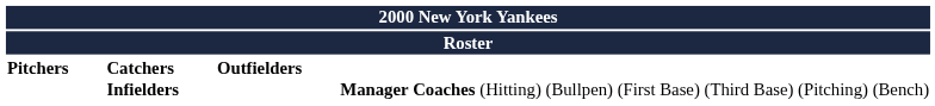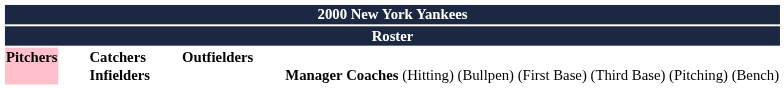 <table class="toccolours" style="font-size: 95%;">
 <tr>
 <th colspan="10" style="background-color: #1c2841; color: white; text-align: center;">2000 New York Yankees</th>
 </tr>
 <tr>
 <td colspan="10" style="background-color:#1c2841; color: white; text-align: center;"><strong>Roster</strong></td>
 </tr>
 <tr>
-<td valign="top"><strong>Pitchers</strong><br>                     </td>
+<td valign="top" style="background: pink;"><strong>Pitchers</strong><br>                     </td>
 <td width="25px"></td>
 <td valign="top"><strong>Catchers</strong><br>   <strong>Infielders</strong>        </td>
 <td width="25px"></td>
 <td valign="top"><strong>Outfielders</strong><br>            </td>
 <td width="25px"></td>
 <td valign="top"><br><strong>Manager</strong>  <strong>Coaches</strong>  (Hitting)  (Bullpen)  (First Base)  (Third Base)  (Pitching)  (Bench)</td>
 </tr>
 </table>
